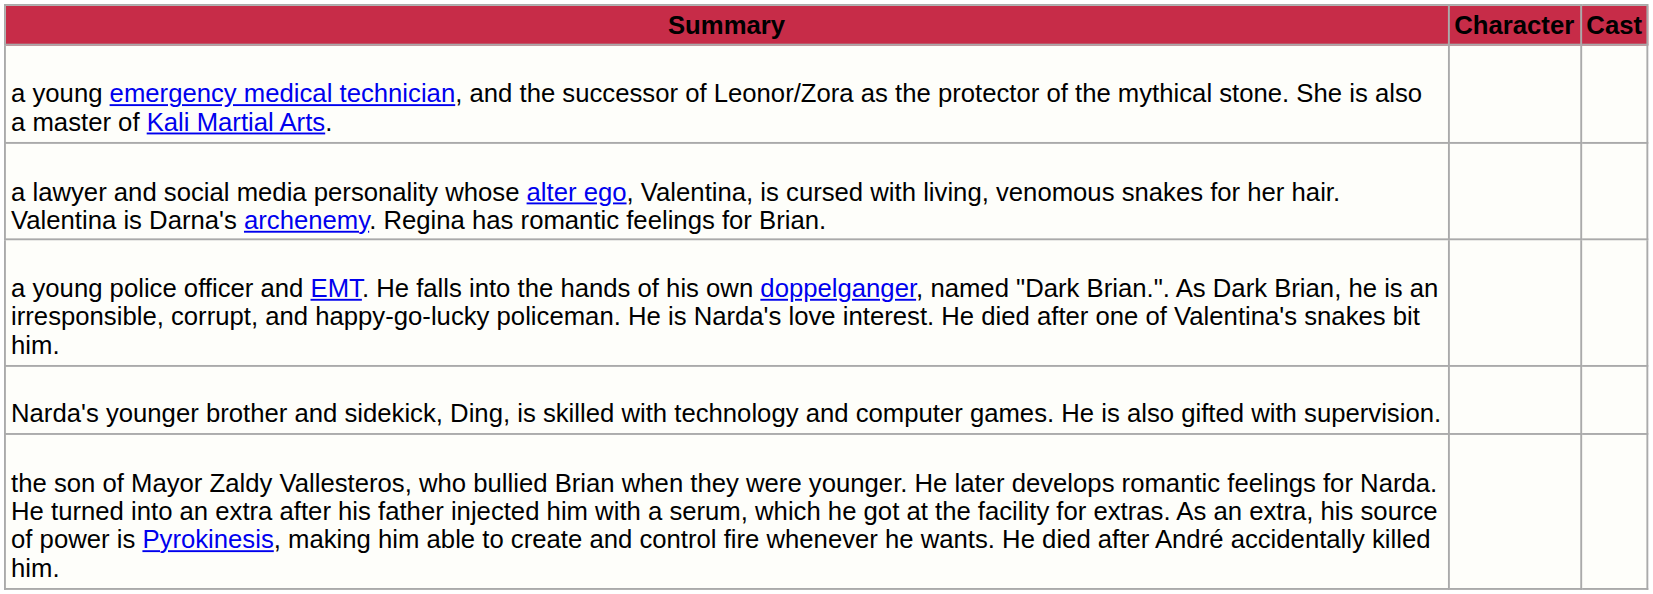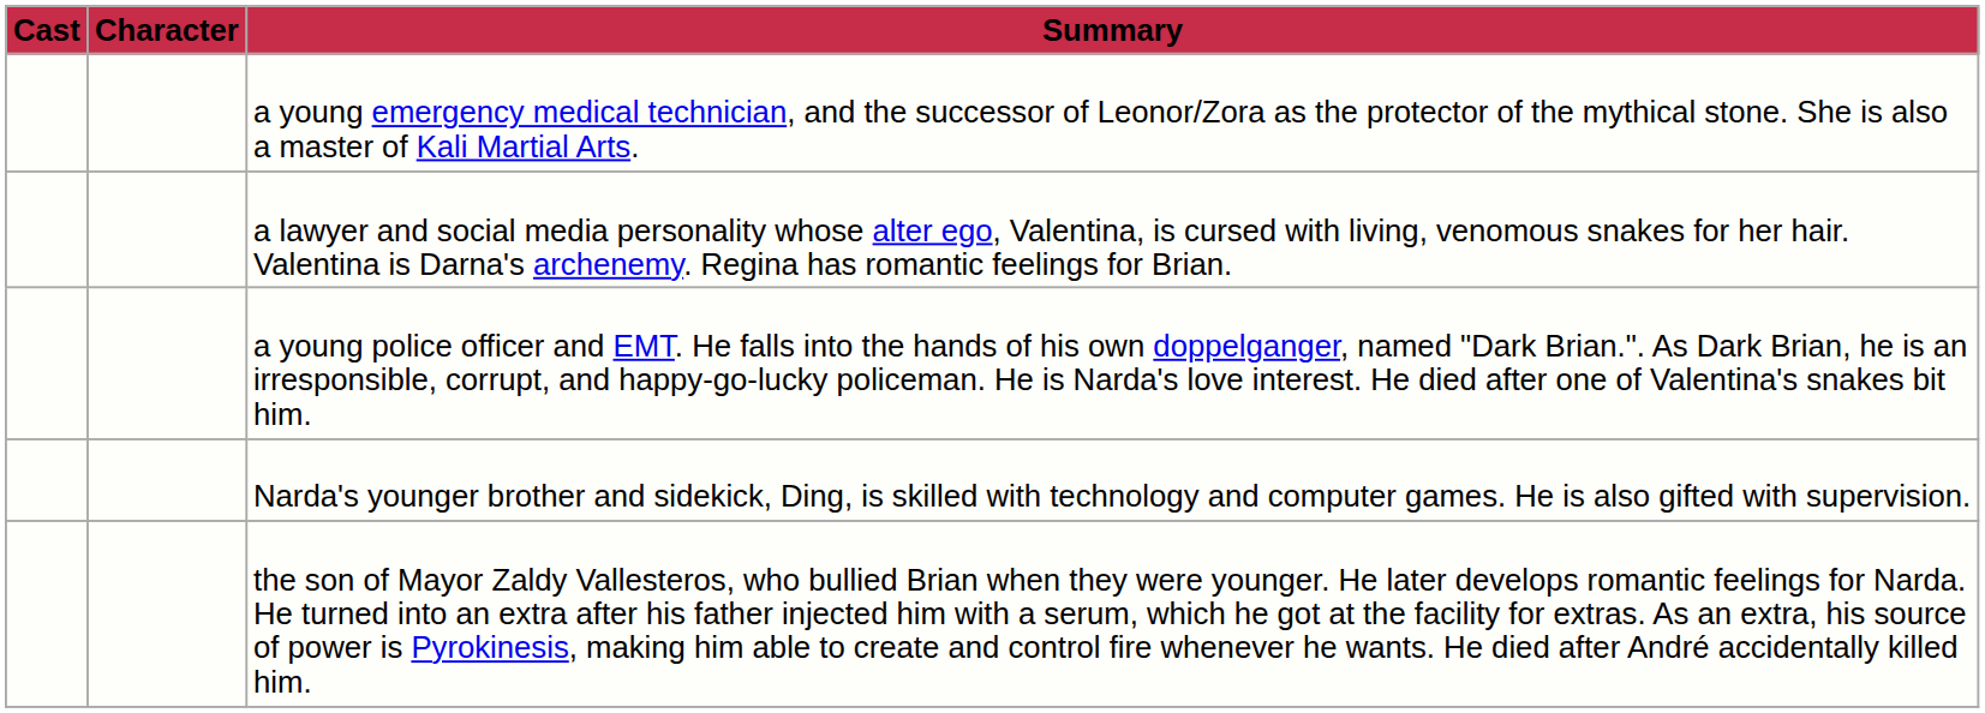 <table class="wikitable" style=" background:#FEFEFA; font-size: 85%;">
 <tr>
+<th style="background:#C72C48;">Cast</th>
+<th style="background:#C72C48; ">Character</th>
 <th style="background:#C72C48;">Summary</th>
-<th style="background:#C72C48; ">Character</th>
-<th style="background:#C72C48;">Cast</th>
 </tr>
 <tr>
-<td><br>a young <a href='#'>emergency medical technician</a>, and the successor of Leonor/Zora as the protector of the mythical stone. She is also a master of <a href='#'>Kali Martial Arts</a>.</td>
 <td></td>
 <td></td>
+<td><br>a young <a href='#'>emergency medical technician</a>, and the successor of Leonor/Zora as the protector of the mythical stone. She is also a master of <a href='#'>Kali Martial Arts</a>.</td>
 </tr>
 <tr>
-<td><br>a lawyer and social media personality whose <a href='#'>alter ego</a>, Valentina, is cursed with living, venomous snakes for her hair. Valentina is Darna's <a href='#'>archenemy</a>. Regina has romantic feelings for Brian.</td>
 <td></td>
 <td></td>
+<td><br>a lawyer and social media personality whose <a href='#'>alter ego</a>, Valentina, is cursed with living, venomous snakes for her hair. Valentina is Darna's <a href='#'>archenemy</a>. Regina has romantic feelings for Brian.</td>
 </tr>
 <tr>
-<td><br>a young police officer and <a href='#'>EMT</a>. He falls into the hands of his own <a href='#'>doppelganger</a>, named "Dark Brian.". As Dark Brian, he is an irresponsible, corrupt, and happy-go-lucky policeman. He is Narda's love interest. He died after one of Valentina's snakes bit him.</td>
 <td></td>
 <td></td>
+<td><br>a young police officer and <a href='#'>EMT</a>. He falls into the hands of his own <a href='#'>doppelganger</a>, named "Dark Brian.". As Dark Brian, he is an irresponsible, corrupt, and happy-go-lucky policeman. He is Narda's love interest. He died after one of Valentina's snakes bit him.</td>
 </tr>
 <tr>
+<td> </td>
+<td></td>
 <td><br>Narda's younger brother and sidekick, Ding, is skilled with technology and computer games. He is also gifted with supervision.</td>
-<td></td>
-<td> </td>
 </tr>
 <tr>
-<td><br>the son of Mayor Zaldy Vallesteros, who bullied Brian when they were younger. He later develops romantic feelings for Narda. He turned into an extra after his father injected him with a serum, which he got at the facility for extras. As an extra, his source of power is <a href='#'>Pyrokinesis</a>, making him able to create and control fire whenever he wants. He died after André accidentally killed him.</td>
 <td></td>
 <td></td>
+<td><br>the son of Mayor Zaldy Vallesteros, who bullied Brian when they were younger. He later develops romantic feelings for Narda. He turned into an extra after his father injected him with a serum, which he got at the facility for extras. As an extra, his source of power is <a href='#'>Pyrokinesis</a>, making him able to create and control fire whenever he wants. He died after André accidentally killed him.</td>
 </tr>
 </table>
